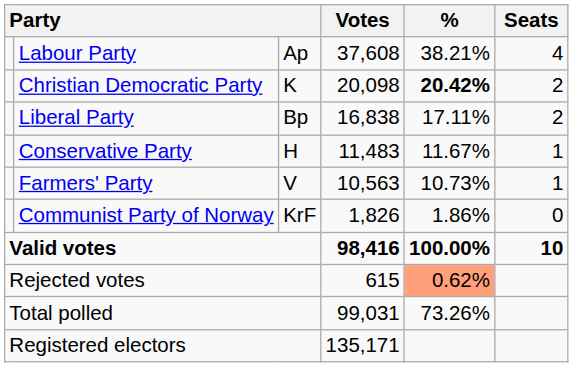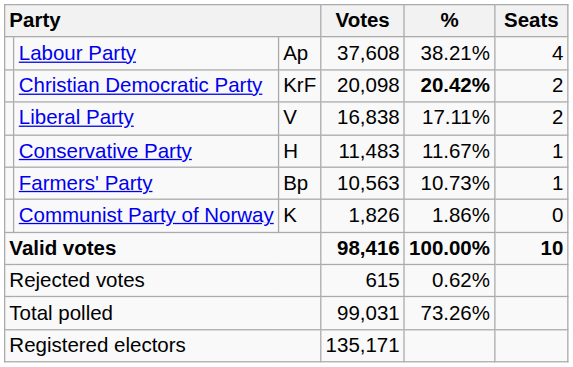 <table class="wikitable" border="1" style="text-align:right;">
 <tr>
 <th style="text-align:left;" colspan=3>Party</th>
 <th align=center width="50">Votes</th>
 <th align=center width="50">%</th>
 <th align=center width="50">Seats</th>
 </tr>
 <tr>
 <td style="color:inherit;background:"></td>
 <td align=left><a href='#'>Labour Party</a></td>
 <td align=left>Ap</td>
 <td>37,608</td>
 <td>38.21%</td>
 <td>4</td>
 </tr>
 <tr>
 <td style="color:inherit;background:"></td>
 <td align=left><a href='#'>Christian Democratic Party</a></td>
-<td align=left>K</td>
+<td align=left>KrF</td>
 <td>20,098</td>
 <td><strong>20.42%</strong></td>
 <td>2</td>
 </tr>
 <tr>
 <td style="color:inherit;background:"></td>
 <td align=left><a href='#'>Liberal Party</a></td>
-<td align=left>Bp</td>
+<td align=left>V</td>
 <td>16,838</td>
 <td>17.11%</td>
 <td>2</td>
 </tr>
 <tr>
 <td style="color:inherit;background:"></td>
 <td align=left><a href='#'>Conservative Party</a></td>
 <td align=left>H</td>
 <td>11,483</td>
 <td>11.67%</td>
 <td>1</td>
 </tr>
 <tr>
 <td style="color:inherit;background:"></td>
 <td align=left><a href='#'>Farmers' Party</a></td>
-<td align=left>V</td>
+<td align=left>Bp</td>
 <td>10,563</td>
 <td>10.73%</td>
 <td>1</td>
 </tr>
 <tr>
 <td style="color:inherit;background:"></td>
 <td align=left><a href='#'>Communist Party of Norway</a></td>
-<td align=left>KrF</td>
+<td align=left>K</td>
 <td>1,826</td>
 <td>1.86%</td>
 <td>0</td>
 </tr>
 <tr style="font-weight:bold">
 <td align=left colspan=3>Valid votes</td>
 <td>98,416</td>
 <td>100.00%</td>
 <td>10</td>
 </tr>
 <tr>
 <td align=left colspan=3>Rejected votes</td>
 <td>615</td>
-<td style="background: lightsalmon;">0.62%</td>
+<td>0.62%</td>
 <td></td>
 </tr>
 <tr>
 <td align=left colspan=3>Total polled</td>
 <td>99,031</td>
 <td>73.26%</td>
 <td></td>
 </tr>
 <tr>
 <td align=left colspan=3>Registered electors</td>
 <td>135,171</td>
 <td></td>
 <td></td>
 </tr>
 </table>
